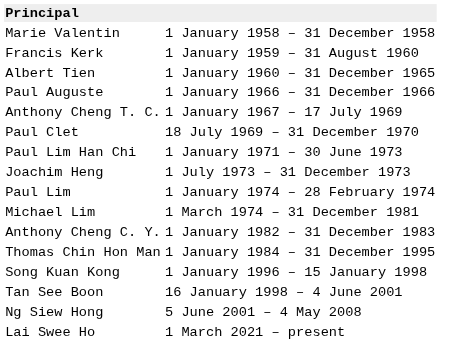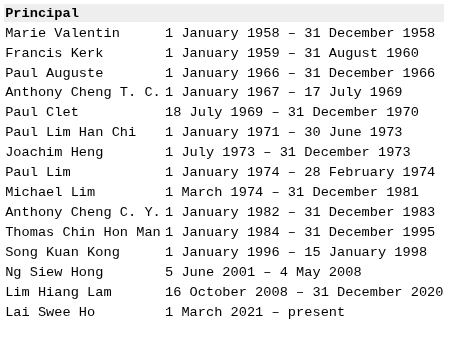 <table style="text-align: left;">
 <tr>
 <th colspan="2" bgcolor="#eeeeee">Principal</th>
 </tr>
 <tr>
 <td>Marie Valentin</td>
 <td>1 January 1958 – 31 December 1958</td>
 </tr>
 <tr>
 <td>Francis Kerk</td>
 <td>1 January 1959 – 31 August 1960</td>
-</tr>
-<tr>
-<td>Albert Tien</td>
-<td>1 January 1960 – 31 December 1965</td>
 </tr>
 <tr>
 <td>Paul Auguste</td>
 <td>1 January 1966 – 31 December 1966</td>
 </tr>
 <tr>
 <td>Anthony Cheng T. C.</td>
 <td>1 January 1967 – 17 July 1969</td>
 </tr>
 <tr>
 <td>Paul Clet</td>
 <td>18 July 1969 – 31 December 1970</td>
 </tr>
 <tr>
 <td>Paul Lim Han Chi</td>
 <td>1 January 1971 – 30 June 1973</td>
 </tr>
 <tr>
 <td>Joachim Heng</td>
 <td>1 July 1973 – 31 December 1973</td>
 </tr>
 <tr>
 <td>Paul Lim</td>
 <td>1 January 1974 – 28 February 1974</td>
 </tr>
 <tr>
 <td>Michael Lim</td>
 <td>1 March 1974 – 31 December 1981</td>
 </tr>
 <tr>
 <td>Anthony Cheng C. Y.</td>
 <td>1 January 1982 – 31 December 1983</td>
 </tr>
 <tr>
 <td>Thomas Chin Hon Man</td>
 <td>1 January 1984 – 31 December 1995</td>
 </tr>
 <tr>
 <td>Song Kuan Kong</td>
 <td>1 January 1996 – 15 January 1998</td>
 </tr>
 <tr>
-<td>Tan See Boon</td>
-<td>16 January 1998 – 4 June 2001</td>
+<td>Ng Siew Hong</td>
+<td>5 June 2001 – 4 May 2008</td>
 </tr>
 <tr>
-<td>Ng Siew Hong</td>
-<td>5 June 2001 – 4 May 2008</td>
+<td>Lim Hiang Lam</td>
+<td>16 October 2008 – 31 December 2020</td>
 </tr>
 <tr>
 <td>Lai Swee Ho</td>
 <td>1 March 2021 – present</td>
 </tr>
 </table>
